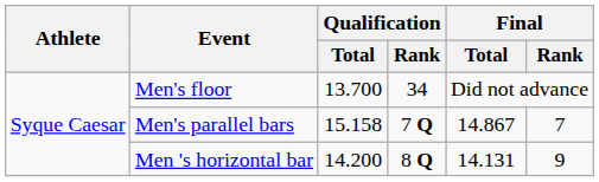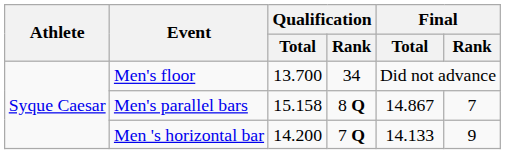 <table class="wikitable" style="font-size:90%">
 <tr>
 <th rowspan=2>Athlete</th>
 <th rowspan=2>Event</th>
 <th colspan =2>Qualification</th>
 <th colspan =2>Final</th>
 </tr>
 <tr style="font-size:95%">
 <th>Total</th>
 <th>Rank</th>
 <th>Total</th>
 <th>Rank</th>
 </tr>
 <tr align=center>
 <td align=left rowspan=3><a href='#'>Syque Caesar</a></td>
 <td align=left><a href='#'>Men's floor</a></td>
 <td>13.700</td>
 <td>34</td>
 <td colspan=2 align=center>Did not advance</td>
 </tr>
 <tr align=center>
 <td align=left><a href='#'>Men's parallel bars</a></td>
 <td>15.158</td>
-<td>7 <strong>Q</strong></td>
+<td>8 <strong>Q</strong></td>
 <td>14.867</td>
 <td>7</td>
 </tr>
 <tr align=center>
 <td align=left><a href='#'>Men 's horizontal bar</a></td>
 <td>14.200</td>
-<td>8 <strong>Q</strong></td>
-<td>14.131</td>
+<td>7 <strong>Q</strong></td>
+<td>14.133</td>
 <td>9</td>
 </tr>
 </table>
